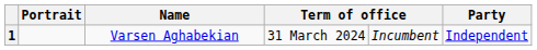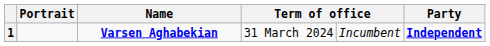 <table class="wikitable" style="text-align:center">
 <tr>
 <th></th>
 <th>Portrait</th>
 <th width=180>Name<br></th>
 <th colspan=2>Term of office</th>
 <th>Party</th>
 </tr>
 <tr>
 <th style="background:">1</th>
 <td></td>
-<td><a href='#'>Varsen Aghabekian</a><br></td>
+<td><strong><a href='#'>Varsen Aghabekian</a><br></strong></td>
 <td>31 March 2024</td>
 <td><em>Incumbent</em></td>
-<td><a href='#'>Independent</a></td>
+<td><strong><a href='#'>Independent</a></strong></td>
 </tr>
 </table>
